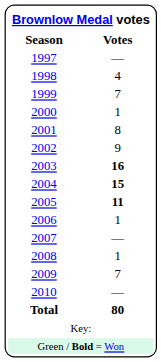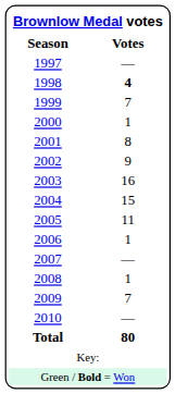 <table style="margin-right:4px; margin-top:8px; float:right; border:1px #000 solid; border-radius:8px; background:#fff; font-family:Verdana; font-size:8pt; text-align:center;">
 <tr style="background:#fff;">
 <td colspan="2;" style="padding:3px; margin-bottom:-3px; margin-top:2px; font-family:Arial; "><strong><a href='#'>Brownlow Medal</a> votes</strong></td>
 </tr>
 <tr>
 <th style="width:50%;">Season</th>
 <th style="width:50%;">Votes</th>
 </tr>
 <tr>
 <td><a href='#'>1997</a></td>
 <td>—</td>
 </tr>
 <tr>
 <td><a href='#'>1998</a></td>
-<td>4</td>
+<td><strong>4</strong></td>
 </tr>
 <tr>
 <td><a href='#'>1999</a></td>
 <td>7</td>
 </tr>
 <tr>
 <td><a href='#'>2000</a></td>
 <td>1</td>
 </tr>
 <tr>
 <td><a href='#'>2001</a></td>
 <td>8</td>
 </tr>
 <tr>
 <td><a href='#'>2002</a></td>
 <td>9</td>
 </tr>
 <tr>
 <td><a href='#'>2003</a></td>
-<td><strong>16</strong></td>
+<td>16</td>
 </tr>
 <tr>
 <td><a href='#'>2004</a></td>
-<td><strong>15</strong></td>
+<td>15</td>
 </tr>
 <tr>
 <td><a href='#'>2005</a></td>
-<td><strong>11</strong></td>
+<td>11</td>
 </tr>
 <tr>
 <td><a href='#'>2006</a></td>
 <td>1</td>
 </tr>
 <tr>
 <td><a href='#'>2007</a></td>
 <td>—</td>
 </tr>
 <tr>
 <td><a href='#'>2008</a></td>
 <td>1</td>
 </tr>
 <tr>
 <td><a href='#'>2009</a></td>
 <td>7</td>
 </tr>
 <tr>
 <td><a href='#'>2010</a></td>
 <td>—</td>
 </tr>
 <tr>
 <td><strong>Total</strong></td>
 <td><strong>80</strong></td>
 </tr>
 <tr>
 <td colspan=2><small>Key:</small></td>
 </tr>
 <tr style="background:#d9f9e9; border:1px solid #aaa; width:2em;">
 <td colspan=2><small>Green / <strong>Bold</strong> = <a href='#'>Won</a></small></td>
 </tr>
 </table>
